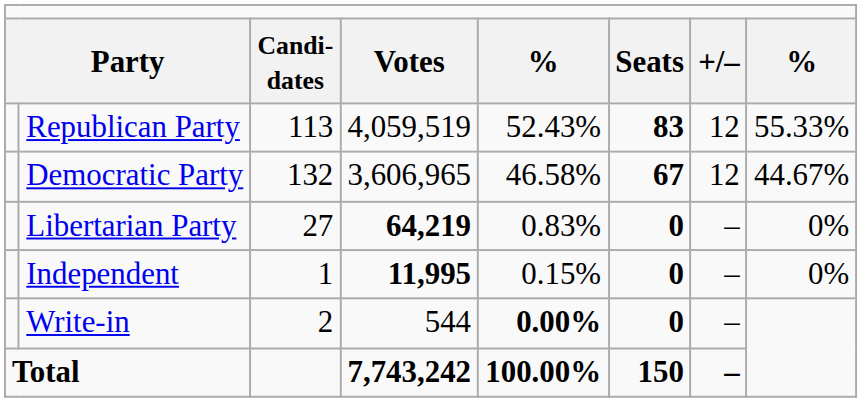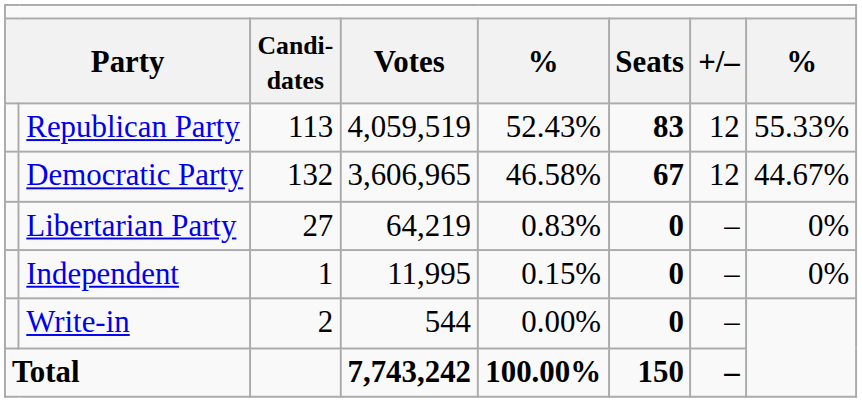 <table class="wikitable" style="font-size:100%; text-align:right;">
 <tr>
 <td colspan=15 align=center></td>
 </tr>
 <tr>
 <th colspan=2>Party</th>
 <th><small>Candi-<br>dates</small></th>
 <th>Votes</th>
 <th>%</th>
 <th>Seats</th>
 <th>+/–</th>
 <th>%</th>
 </tr>
 <tr>
 <td style="background:"></td>
 <td align=left><a href='#'>Republican Party</a></td>
 <td>113</td>
 <td>4,059,519</td>
 <td>52.43%</td>
 <td><strong>83</strong></td>
 <td>12</td>
 <td>55.33%</td>
 </tr>
 <tr>
 <td style="background:"></td>
 <td align=left><a href='#'>Democratic Party</a></td>
 <td>132</td>
 <td>3,606,965</td>
 <td>46.58%</td>
 <td><strong>67</strong></td>
 <td>12</td>
 <td>44.67%</td>
 </tr>
 <tr>
 <td style="background:"></td>
 <td align=left><a href='#'>Libertarian Party</a></td>
 <td>27</td>
-<td><strong>64,219</strong></td>
+<td>64,219</td>
 <td>0.83%</td>
 <td><strong>0</strong></td>
 <td>–</td>
 <td>0%</td>
 </tr>
 <tr>
 <td style="background:"></td>
 <td align=left><a href='#'>Independent</a></td>
 <td>1</td>
-<td><strong>11,995</strong></td>
+<td>11,995</td>
 <td>0.15%</td>
 <td><strong>0</strong></td>
 <td>–</td>
 <td>0%</td>
 </tr>
 <tr>
 <td style="background:"></td>
 <td align=left><a href='#'>Write-in</a></td>
 <td>2</td>
 <td>544</td>
-<td><strong>0.00%</strong></td>
+<td>0.00%</td>
 <td><strong>0</strong></td>
 <td>–</td>
 </tr>
 <tr style="font-weight:bold">
 <td colspan=2 align=left>Total</td>
 <td></td>
 <td>7,743,242</td>
 <td>100.00%</td>
 <td>150</td>
 <td>–</td>
 </tr>
 </table>
